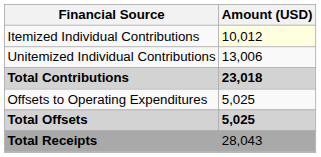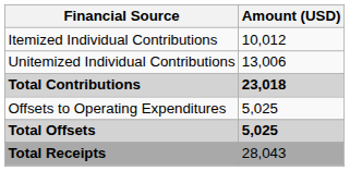 <table class="wikitable sortable" border="1">
 <tr>
 <th scope="col">Financial Source</th>
 <th scope="col" data-sort-type="number">Amount (USD)</th>
 </tr>
 <tr>
 <td>Itemized Individual Contributions</td>
-<td style="background: lightyellow;">10,012</td>
+<td>10,012</td>
 </tr>
 <tr>
 <td>Unitemized Individual Contributions</td>
 <td>13,006</td>
 </tr>
 <tr>
 <td style=background:#D3D3D3><strong>Total Contributions</strong></td>
 <td style=background:#D3D3D3><strong>23,018</strong></td>
 </tr>
 <tr>
 <td>Offsets to Operating Expenditures</td>
 <td>5,025</td>
 </tr>
 <tr>
 <td style=background:#D3D3D3><strong>Total Offsets</strong></td>
 <td style=background:#D3D3D3><strong>5,025</strong></td>
 </tr>
 <tr>
 <td style=background:#A9A9A9><strong>Total Receipts</strong></td>
 <td style=background:#A9A9A9>28,043</td>
 </tr>
 <tr>
 </tr>
 </table>
